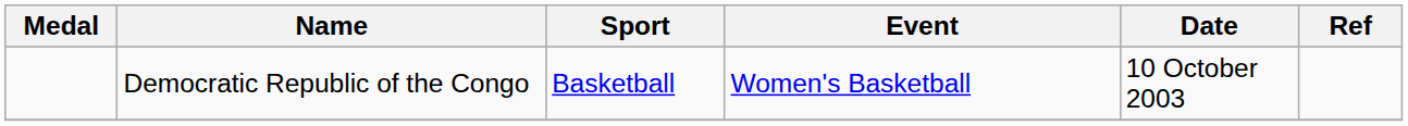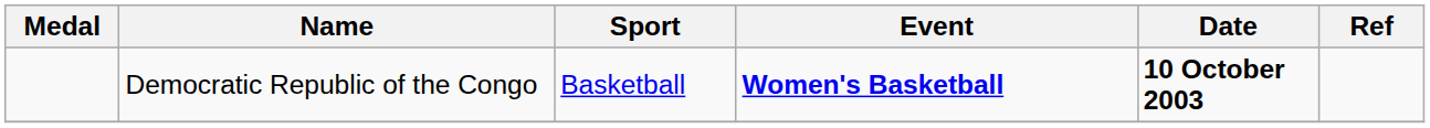 <table class="wikitable sortable" style="font-size:100%">
 <tr>
 <th width="60">Medal</th>
 <th width="250">Name</th>
 <th width="100">Sport</th>
 <th width="230">Event</th>
 <th width="100">Date</th>
 <th width="55">Ref</th>
 </tr>
 <tr>
 <td></td>
 <td>Democratic Republic of the Congo</td>
 <td><a href='#'>Basketball</a></td>
-<td><a href='#'>Women's Basketball</a></td>
-<td>10 October 2003</td>
+<td><strong><a href='#'>Women's Basketball</a></strong></td>
+<td><strong>10 October 2003</strong></td>
 <td></td>
 </tr>
 <tr>
 </tr>
 </table>
